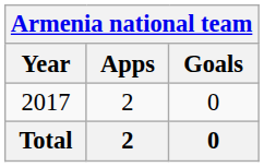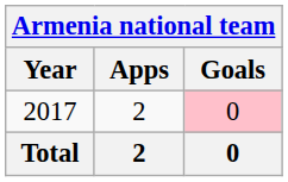 <table class="wikitable" style="text-align:center">
 <tr>
 <th colspan=3><a href='#'>Armenia national team</a></th>
 </tr>
 <tr>
 <th>Year</th>
 <th>Apps</th>
 <th>Goals</th>
 </tr>
 <tr>
 <td>2017</td>
 <td>2</td>
-<td>0</td>
+<td style="background: pink;">0</td>
 </tr>
 <tr>
 <th>Total</th>
 <th>2</th>
 <th>0</th>
 </tr>
 </table>
